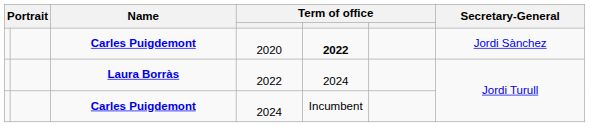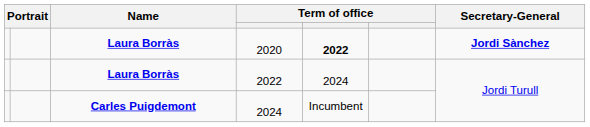 <table class="wikitable plainrowheaders" style="text-align: center;">
 <tr>
 <th rowspan="2" colspan="2">Portrait</th>
 <th rowspan="2" width="250">Name<br></th>
 <th colspan="3">Term of office</th>
 <th rowspan="2" width="200">Secretary-General<br></th>
 </tr>
 <tr>
 <th width="85"></th>
 <th width="85"></th>
 <th width="85"></th>
 </tr>
 <tr>
 <td width="1" style="background:"></td>
 <td></td>
-<td><strong><a href='#'>Carles Puigdemont</a></strong><br></td>
+<td><strong><a href='#'>Laura Borràs</a></strong><br></td>
 <td><br>2020</td>
 <td><strong><br>2022</strong></td>
 <td style="font-size:95%;"></td>
-<td><a href='#'>Jordi Sànchez</a><br></td>
+<td><strong><a href='#'>Jordi Sànchez</a><br></strong></td>
 </tr>
 <tr>
 <td style="background:"></td>
 <td></td>
 <td><strong><a href='#'>Laura Borràs</a></strong><br></td>
 <td><br>2022</td>
 <td><br>2024</td>
 <td style="font-size:95%;"></td>
 <td rowspan="2"><a href='#'>Jordi Turull</a><br></td>
 </tr>
 <tr>
 <td width="1" style="background:"></td>
 <td></td>
 <td><strong><a href='#'>Carles Puigdemont</a></strong><br></td>
 <td><br>2024</td>
 <td>Incumbent</td>
 <td style="font-size:95%;"></td>
 </tr>
 </table>
